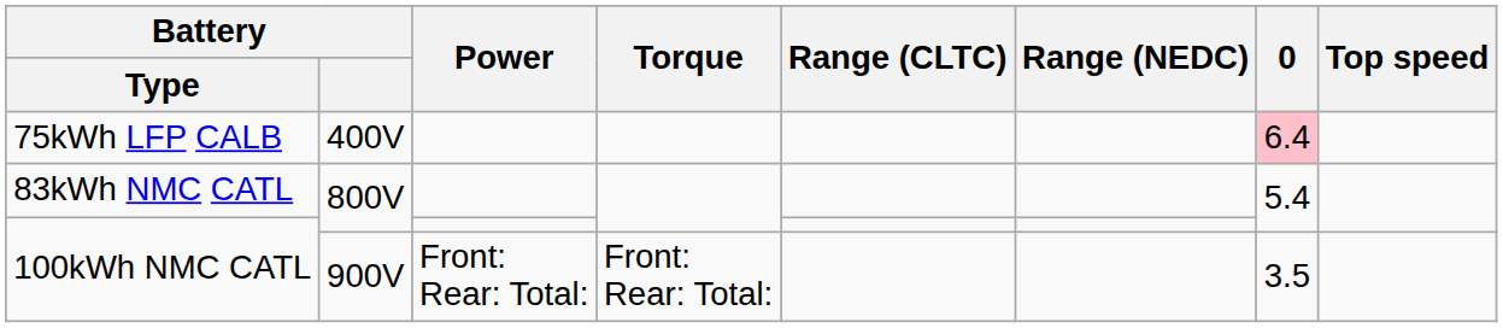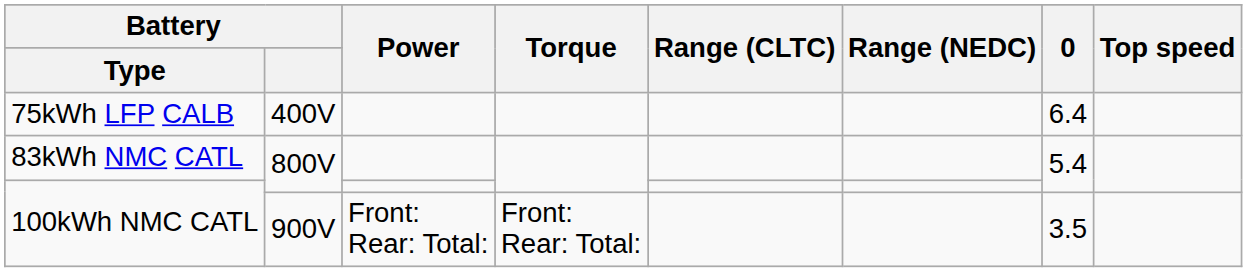 <table class="wikitable">
 <tr>
 <th colspan="2">Battery</th>
 <th rowspan="2">Power</th>
 <th rowspan="2">Torque</th>
 <th rowspan="2">Range (CLTC)</th>
 <th rowspan="2">Range (NEDC)</th>
 <th rowspan="2">0</th>
 <th rowspan="2">Top speed</th>
 </tr>
 <tr>
 <th>Type</th>
 <th></th>
 </tr>
 <tr>
 <td>75kWh <a href='#'>LFP</a> <a href='#'>CALB</a></td>
 <td>400V</td>
 <td></td>
 <td></td>
 <td></td>
 <td></td>
-<td style="background: pink;">6.4</td>
+<td>6.4</td>
 <td></td>
 </tr>
 <tr>
 <td>83kWh <a href='#'>NMC</a> <a href='#'>CATL</a></td>
 <td rowspan="2">800V</td>
 <td></td>
 <td rowspan="2"></td>
 <td></td>
 <td></td>
 <td rowspan="2">5.4</td>
 <td rowspan="2"></td>
 </tr>
 <tr>
 <td rowspan="2">100kWh NMC CATL</td>
 <td></td>
 <td></td>
 <td></td>
 </tr>
 <tr>
 <td>900V</td>
 <td>Front: <br>Rear:  Total: </td>
 <td>Front: <br>Rear:  Total: </td>
 <td></td>
 <td></td>
 <td>3.5</td>
 <td></td>
 </tr>
 </table>
